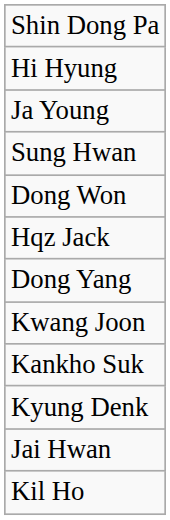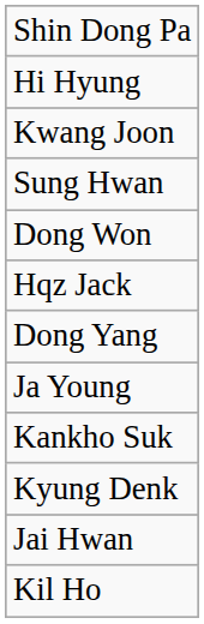 <table class="wikitable">
 <tr>
 <td>Shin Dong Pa</td>
 </tr>
 <tr>
 <td>Hi Hyung</td>
 </tr>
 <tr>
-<td>Ja Young</td>
+<td>Kwang Joon</td>
 </tr>
 <tr>
 <td>Sung Hwan</td>
 </tr>
 <tr>
 <td>Dong Won</td>
 </tr>
 <tr>
 <td>Hqz Jack</td>
 </tr>
 <tr>
 <td>Dong Yang</td>
 </tr>
 <tr>
-<td>Kwang Joon</td>
+<td>Ja Young</td>
 </tr>
 <tr>
 <td>Kankho Suk</td>
 </tr>
 <tr>
 <td>Kyung Denk</td>
 </tr>
 <tr>
 <td>Jai Hwan</td>
 </tr>
 <tr>
 <td>Kil Ho</td>
 </tr>
 </table>
